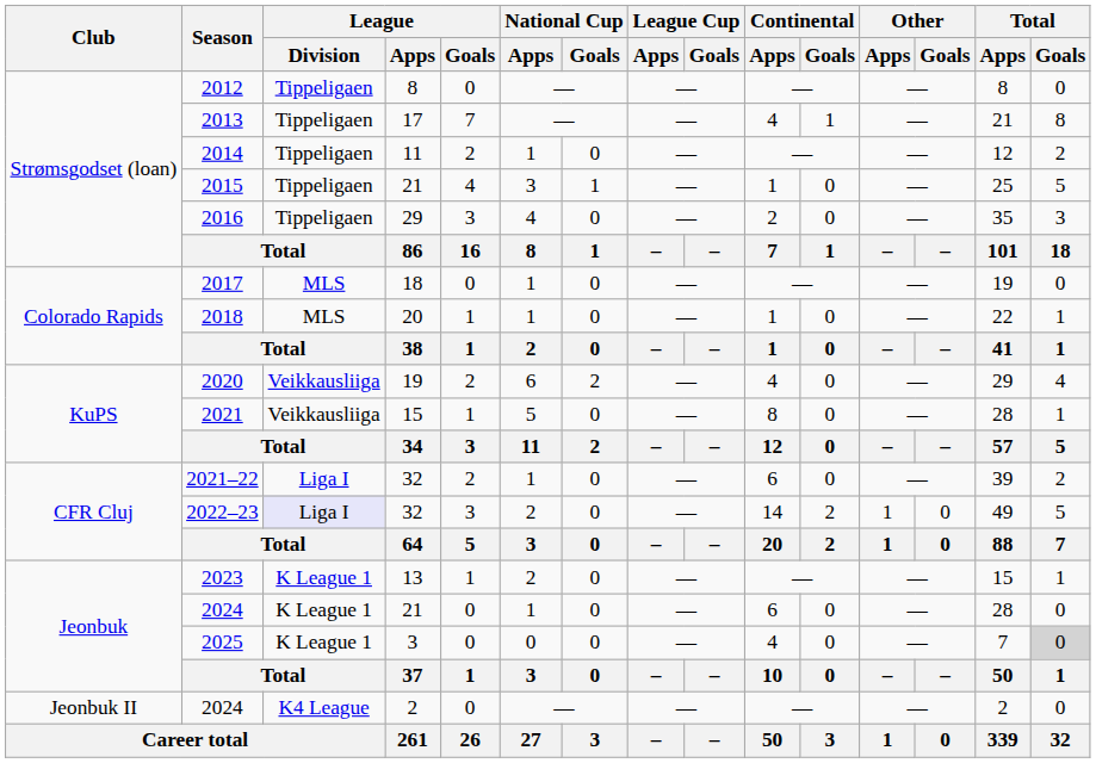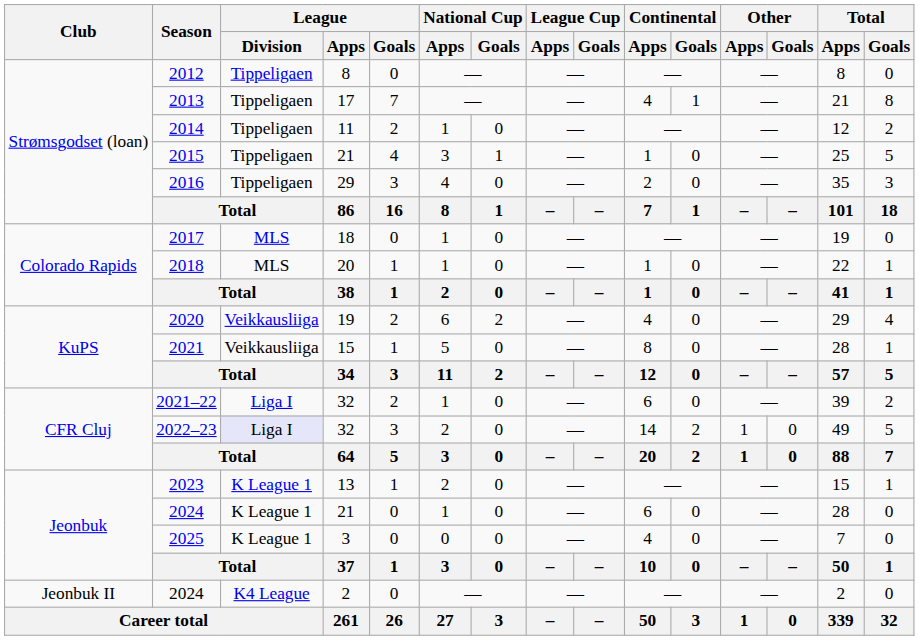 <table class="wikitable" style="text-align:center">
 <tr>
 <th rowspan="2">Club</th>
 <th rowspan="2">Season</th>
 <th colspan="3">League</th>
 <th colspan="2">National Cup</th>
 <th colspan="2">League Cup</th>
 <th colspan="2">Continental</th>
 <th colspan="2">Other</th>
 <th colspan="2">Total</th>
 </tr>
 <tr>
 <th>Division</th>
 <th>Apps</th>
 <th>Goals</th>
 <th>Apps</th>
 <th>Goals</th>
 <th>Apps</th>
 <th>Goals</th>
 <th>Apps</th>
 <th>Goals</th>
 <th>Apps</th>
 <th>Goals</th>
 <th>Apps</th>
 <th>Goals</th>
 </tr>
 <tr>
 <td rowspan="6"><a href='#'>Strømsgodset</a> (loan)</td>
 <td><a href='#'>2012</a></td>
 <td><a href='#'>Tippeligaen</a></td>
 <td>8</td>
 <td>0</td>
 <td colspan="2">—</td>
 <td colspan="2">—</td>
 <td colspan="2">—</td>
 <td colspan="2">—</td>
 <td>8</td>
 <td>0</td>
 </tr>
 <tr>
 <td><a href='#'>2013</a></td>
 <td>Tippeligaen</td>
 <td>17</td>
 <td>7</td>
 <td colspan="2">—</td>
 <td colspan="2">—</td>
 <td>4</td>
 <td>1</td>
 <td colspan="2">—</td>
 <td>21</td>
 <td>8</td>
 </tr>
 <tr>
 <td><a href='#'>2014</a></td>
 <td>Tippeligaen</td>
 <td>11</td>
 <td>2</td>
 <td>1</td>
 <td>0</td>
 <td colspan="2">—</td>
 <td colspan="2">—</td>
 <td colspan="2">—</td>
 <td>12</td>
 <td>2</td>
 </tr>
 <tr>
 <td><a href='#'>2015</a></td>
 <td>Tippeligaen</td>
 <td>21</td>
 <td>4</td>
 <td>3</td>
 <td>1</td>
 <td colspan="2">—</td>
 <td>1</td>
 <td>0</td>
 <td colspan="2">—</td>
 <td>25</td>
 <td>5</td>
 </tr>
 <tr>
 <td><a href='#'>2016</a></td>
 <td>Tippeligaen</td>
 <td>29</td>
 <td>3</td>
 <td>4</td>
 <td>0</td>
 <td colspan="2">—</td>
 <td>2</td>
 <td>0</td>
 <td colspan="2">—</td>
 <td>35</td>
 <td>3</td>
 </tr>
 <tr>
 <th colspan="2">Total</th>
 <th>86</th>
 <th>16</th>
 <th>8</th>
 <th>1</th>
 <th>–</th>
 <th>–</th>
 <th>7</th>
 <th>1</th>
 <th>–</th>
 <th>–</th>
 <th>101</th>
 <th>18</th>
 </tr>
 <tr>
 <td rowspan="3"><a href='#'>Colorado Rapids</a></td>
 <td><a href='#'>2017</a></td>
 <td><a href='#'>MLS</a></td>
 <td>18</td>
 <td>0</td>
 <td>1</td>
 <td>0</td>
 <td colspan="2">—</td>
 <td colspan="2">—</td>
 <td colspan="2">—</td>
 <td>19</td>
 <td>0</td>
 </tr>
 <tr>
 <td><a href='#'>2018</a></td>
 <td>MLS</td>
 <td>20</td>
 <td>1</td>
 <td>1</td>
 <td>0</td>
 <td colspan="2">—</td>
 <td>1</td>
 <td>0</td>
 <td colspan="2">—</td>
 <td>22</td>
 <td>1</td>
 </tr>
 <tr>
 <th colspan="2">Total</th>
 <th>38</th>
 <th>1</th>
 <th>2</th>
 <th>0</th>
 <th>–</th>
 <th>–</th>
 <th>1</th>
 <th>0</th>
 <th>–</th>
 <th>–</th>
 <th>41</th>
 <th>1</th>
 </tr>
 <tr>
 <td rowspan="3"><a href='#'>KuPS</a></td>
 <td><a href='#'>2020</a></td>
 <td><a href='#'>Veikkausliiga</a></td>
 <td>19</td>
 <td>2</td>
 <td>6</td>
 <td>2</td>
 <td colspan="2">—</td>
 <td>4</td>
 <td>0</td>
 <td colspan="2">—</td>
 <td>29</td>
 <td>4</td>
 </tr>
 <tr>
 <td><a href='#'>2021</a></td>
 <td>Veikkausliiga</td>
 <td>15</td>
 <td>1</td>
 <td>5</td>
 <td>0</td>
 <td colspan="2">—</td>
 <td>8</td>
 <td>0</td>
 <td colspan="2">—</td>
 <td>28</td>
 <td>1</td>
 </tr>
 <tr>
 <th colspan="2">Total</th>
 <th>34</th>
 <th>3</th>
 <th>11</th>
 <th>2</th>
 <th>–</th>
 <th>–</th>
 <th>12</th>
 <th>0</th>
 <th>–</th>
 <th>–</th>
 <th>57</th>
 <th>5</th>
 </tr>
 <tr>
 <td rowspan="3"><a href='#'>CFR Cluj</a></td>
 <td><a href='#'>2021–22</a></td>
 <td><a href='#'>Liga I</a></td>
 <td>32</td>
 <td>2</td>
 <td>1</td>
 <td>0</td>
 <td colspan="2">—</td>
 <td>6</td>
 <td>0</td>
 <td colspan="2">—</td>
 <td>39</td>
 <td>2</td>
 </tr>
 <tr>
 <td><a href='#'>2022–23</a></td>
 <td style="background: lavender;">Liga I</td>
 <td>32</td>
 <td>3</td>
 <td>2</td>
 <td>0</td>
 <td colspan="2">—</td>
 <td>14</td>
 <td>2</td>
 <td>1</td>
 <td>0</td>
 <td>49</td>
 <td>5</td>
 </tr>
 <tr>
 <th colspan="2">Total</th>
 <th>64</th>
 <th>5</th>
 <th>3</th>
 <th>0</th>
 <th>–</th>
 <th>–</th>
 <th>20</th>
 <th>2</th>
 <th>1</th>
 <th>0</th>
 <th>88</th>
 <th>7</th>
 </tr>
 <tr>
 <td rowspan="4"><a href='#'>Jeonbuk</a></td>
 <td><a href='#'>2023</a></td>
 <td><a href='#'>K League 1</a></td>
 <td>13</td>
 <td>1</td>
 <td>2</td>
 <td>0</td>
 <td colspan="2">—</td>
 <td colspan="2">—</td>
 <td colspan="2">—</td>
 <td>15</td>
 <td>1</td>
 </tr>
 <tr>
 <td><a href='#'>2024</a></td>
 <td>K League 1</td>
 <td>21</td>
 <td>0</td>
 <td>1</td>
 <td>0</td>
 <td colspan="2">—</td>
 <td>6</td>
 <td>0</td>
 <td colspan="2">—</td>
 <td>28</td>
 <td>0</td>
 </tr>
 <tr>
 <td><a href='#'>2025</a></td>
 <td>K League 1</td>
 <td>3</td>
 <td>0</td>
 <td>0</td>
 <td>0</td>
 <td colspan="2">—</td>
 <td>4</td>
 <td>0</td>
 <td colspan="2">—</td>
 <td>7</td>
-<td style="background: lightgrey;">0</td>
+<td>0</td>
 </tr>
 <tr>
 <th colspan="2">Total</th>
 <th>37</th>
 <th>1</th>
 <th>3</th>
 <th>0</th>
 <th>–</th>
 <th>–</th>
 <th>10</th>
 <th>0</th>
 <th>–</th>
 <th>–</th>
 <th>50</th>
 <th>1</th>
 </tr>
 <tr>
 <td>Jeonbuk II</td>
 <td>2024</td>
 <td><a href='#'>K4 League</a></td>
 <td>2</td>
 <td>0</td>
 <td colspan="2">—</td>
 <td colspan="2">—</td>
 <td colspan="2">—</td>
 <td colspan="2">—</td>
 <td>2</td>
 <td>0</td>
 </tr>
 <tr>
 <th colspan="3">Career total</th>
 <th>261</th>
 <th>26</th>
 <th>27</th>
 <th>3</th>
 <th>–</th>
 <th>–</th>
 <th>50</th>
 <th>3</th>
 <th>1</th>
 <th>0</th>
 <th>339</th>
 <th>32</th>
 </tr>
 </table>
